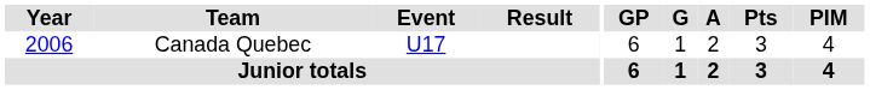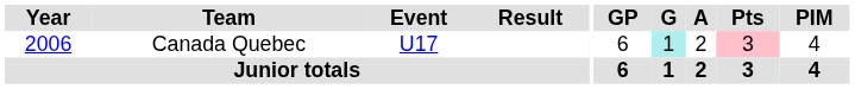 <table border="0" cellpadding="1" cellspacing="0" ID="Table3" style="text-align:center; width:40em">
 <tr ALIGN="center" bgcolor="#e0e0e0">
 <th>Year</th>
 <th>Team</th>
 <th>Event</th>
 <th>Result</th>
 <th rowspan="99" bgcolor="#ffffff"></th>
 <th>GP</th>
 <th>G</th>
 <th>A</th>
 <th>Pts</th>
 <th>PIM</th>
 </tr>
 <tr>
 <td><a href='#'>2006</a></td>
 <td>Canada Quebec</td>
 <td><a href='#'>U17</a></td>
 <td></td>
 <td>6</td>
-<td>1</td>
+<td style="background: paleturquoise;">1</td>
 <td>2</td>
-<td>3</td>
+<td style="background: pink;">3</td>
 <td>4</td>
 </tr>
 <tr ALIGN="center" bgcolor="#e0e0e0">
 <th colspan=4>Junior totals</th>
 <th>6</th>
 <th>1</th>
 <th>2</th>
 <th>3</th>
 <th>4</th>
 </tr>
 </table>
